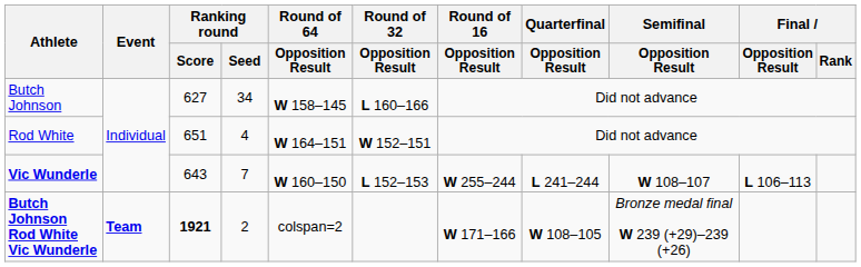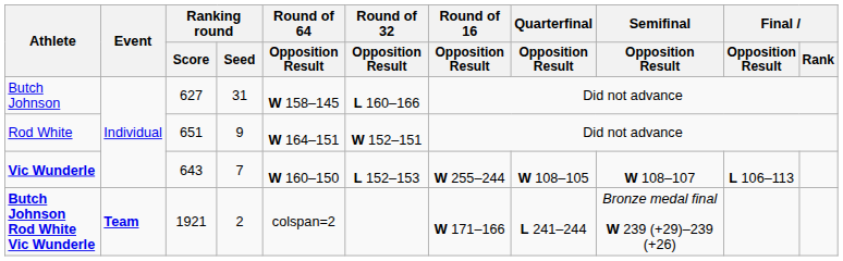 <table class=wikitable style=font-size:90%;text-align:center>
 <tr>
 <th rowspan=2>Athlete</th>
 <th rowspan=2>Event</th>
 <th colspan=2>Ranking round</th>
 <th>Round of 64</th>
 <th>Round of 32</th>
 <th>Round of 16</th>
 <th>Quarterfinal</th>
 <th>Semifinal</th>
 <th colspan=2>Final / </th>
 </tr>
 <tr style=font-size:95%>
 <th>Score</th>
 <th>Seed</th>
 <th>Opposition<br>Result</th>
 <th>Opposition<br>Result</th>
 <th>Opposition<br>Result</th>
 <th>Opposition<br>Result</th>
 <th>Opposition<br>Result</th>
 <th>Opposition<br>Result</th>
 <th>Rank</th>
 </tr>
 <tr>
 <td align=left><a href='#'>Butch Johnson</a></td>
 <td align=left rowspan=3><a href='#'>Individual</a></td>
 <td>627</td>
-<td>34</td>
+<td>31</td>
 <td><br><strong>W</strong> 158–145</td>
 <td><br><strong>L</strong> 160–166</td>
 <td colspan=5>Did not advance</td>
 </tr>
 <tr>
 <td align=left><a href='#'>Rod White</a></td>
 <td>651</td>
-<td>4</td>
+<td>9</td>
 <td><br><strong>W</strong> 164–151</td>
 <td><br><strong>W</strong> 152–151</td>
 <td colspan=5>Did not advance</td>
 </tr>
 <tr>
 <td align=left><strong><a href='#'>Vic Wunderle</a></strong></td>
 <td>643</td>
 <td>7</td>
 <td><br><strong>W</strong> 160–150</td>
 <td><br><strong>L</strong> 152–153</td>
 <td><br><strong>W</strong> 255–244</td>
-<td><br><strong>L</strong> 241–244</td>
+<td><br><strong>W</strong> 108–105</td>
 <td><br><strong>W</strong> 108–107</td>
 <td><br><strong>L</strong> 106–113</td>
 <td></td>
 </tr>
 <tr>
 <td align=left><strong><a href='#'>Butch Johnson</a><br><a href='#'>Rod White</a><br><a href='#'>Vic Wunderle</a></strong></td>
 <td align=left><strong><a href='#'>Team</a></strong></td>
-<td><strong>1921</strong></td>
+<td>1921</td>
 <td>2</td>
 <td>colspan=2 </td>
 <td></td>
 <td><br><strong>W</strong> 171–166</td>
-<td><br><strong>W</strong> 108–105</td>
+<td><br><strong>L</strong> 241–244</td>
 <td><em>Bronze medal final</em><br><br><strong>W</strong> 239 (+29)–239 (+26)</td>
 <td></td>
 </tr>
 </table>
